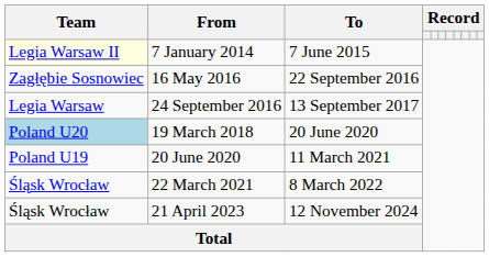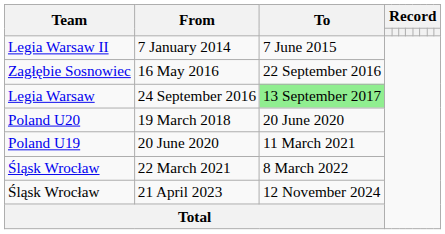 <table class="wikitable" style="text-align: center;">
 <tr>
 <th rowspan="2">Team</th>
 <th rowspan="2">From</th>
 <th rowspan="2">To</th>
 <th colspan="8">Record</th>
 </tr>
 <tr>
 <th></th>
 <th></th>
 <th></th>
 <th></th>
 <th></th>
 <th></th>
 <th></th>
 <th></th>
 </tr>
 <tr>
-<td align=left style="background: lightyellow;"><a href='#'>Legia Warsaw II</a></td>
+<td align=left><a href='#'>Legia Warsaw II</a></td>
 <td align=left>7 January 2014</td>
 <td align=left>7 June 2015<br></td>
 </tr>
 <tr>
 <td align=left><a href='#'>Zagłębie Sosnowiec</a></td>
 <td align=left>16 May 2016</td>
 <td align=left>22 September 2016<br></td>
 </tr>
 <tr>
 <td align=left><a href='#'>Legia Warsaw</a></td>
 <td align=left>24 September 2016</td>
-<td align=left>13 September 2017<br></td>
+<td align=left style="background: lightgreen;">13 September 2017<br></td>
 </tr>
 <tr>
-<td align=left style="background: lightblue;"><a href='#'>Poland U20</a></td>
+<td align=left><a href='#'>Poland U20</a></td>
 <td align=left>19 March 2018</td>
 <td align=left>20 June 2020<br></td>
 </tr>
 <tr>
 <td align=left><a href='#'>Poland U19</a></td>
 <td align=left>20 June 2020</td>
 <td align=left>11 March 2021<br></td>
 </tr>
 <tr>
 <td align=left><a href='#'>Śląsk Wrocław</a></td>
 <td align=left>22 March 2021</td>
 <td align=left>8 March 2022<br></td>
 </tr>
 <tr>
 <td align=left>Śląsk Wrocław</td>
 <td align=left>21 April 2023</td>
 <td align=left>12 November 2024<br></td>
 </tr>
 <tr>
 <th colspan="3">Total<br></th>
 </tr>
 </table>
